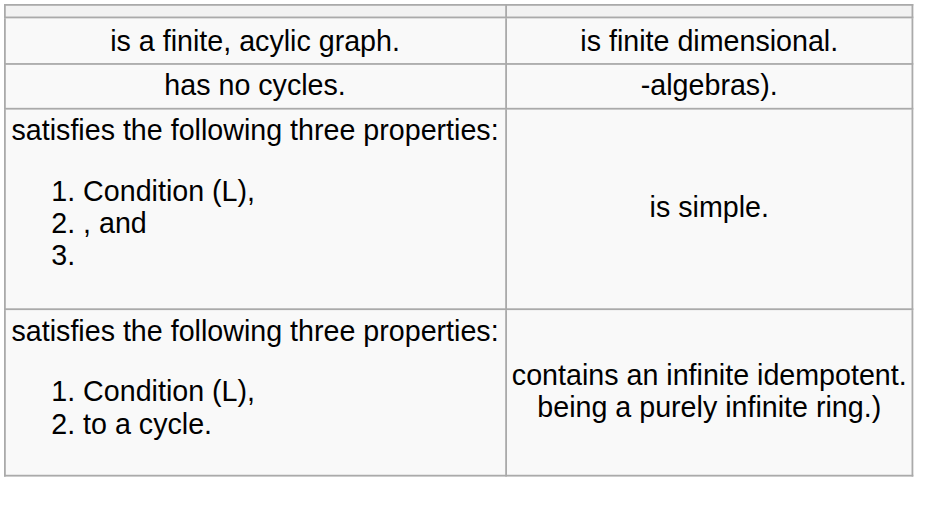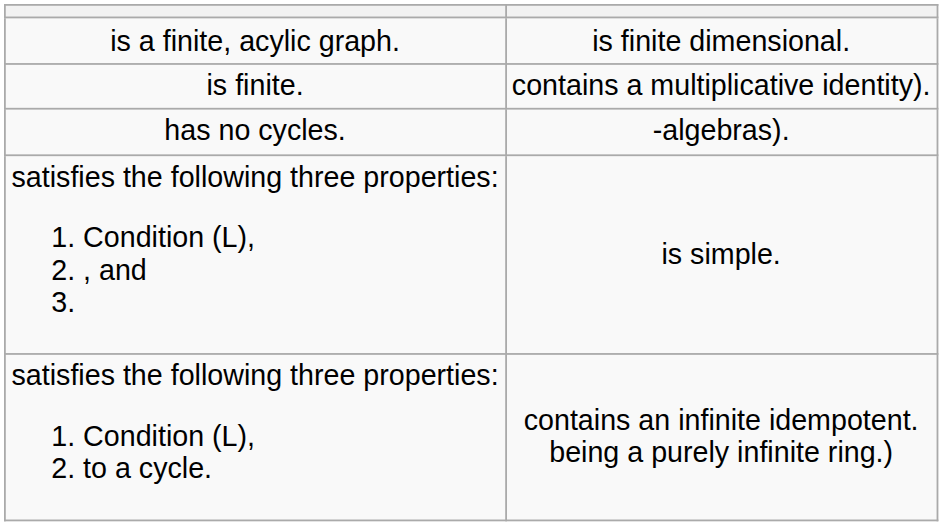 <table class="wikitable" style="text-align: center;">
 <tr>
 <th></th>
 <th></th>
 </tr>
 <tr>
 <td> is a finite, acylic graph.</td>
 <td> is finite dimensional.</td>
+</tr>
+<tr>
+<td> is finite.</td>
+<td> contains a multiplicative identity).</td>
 </tr>
 <tr>
 <td> has no cycles.</td>
 <td>-algebras).</td>
 </tr>
 <tr>
 <td style="text-align:left;"> satisfies the following three properties:<br><ol><li>Condition (L),</li><li>, and</li><li></li></ol></td>
 <td> is simple.</td>
 </tr>
 <tr>
 <td style="text-align:left;"> satisfies the following three properties:<br><ol><li>Condition (L),</li><li> to a cycle.</li></ol></td>
 <td> contains an infinite idempotent.  <br> being a purely infinite ring.)</td>
 </tr>
 </table>
